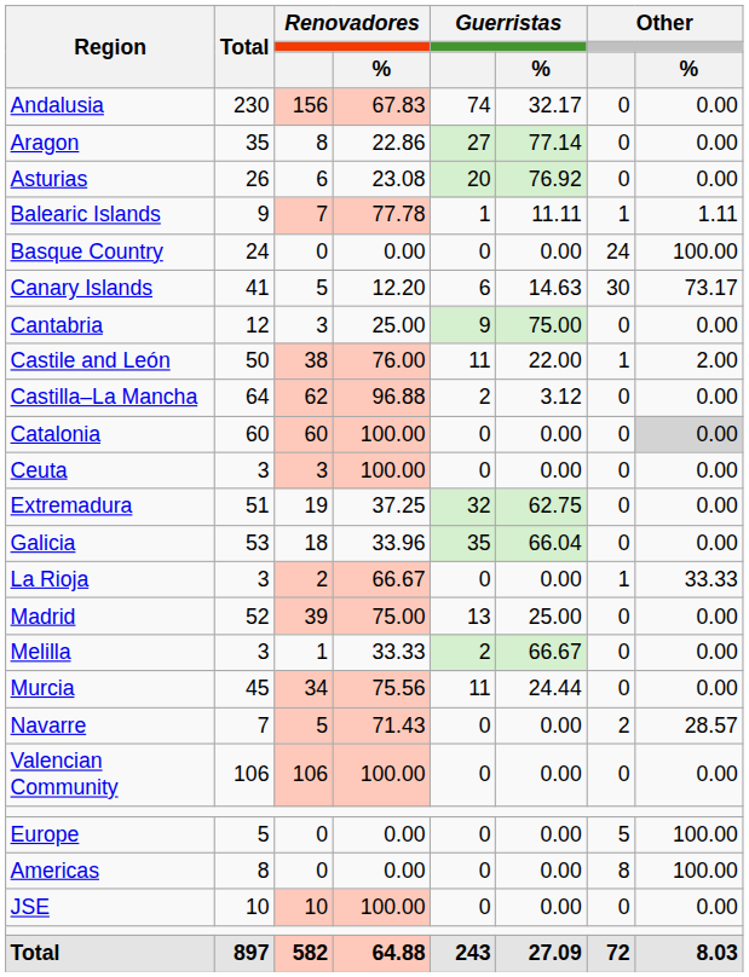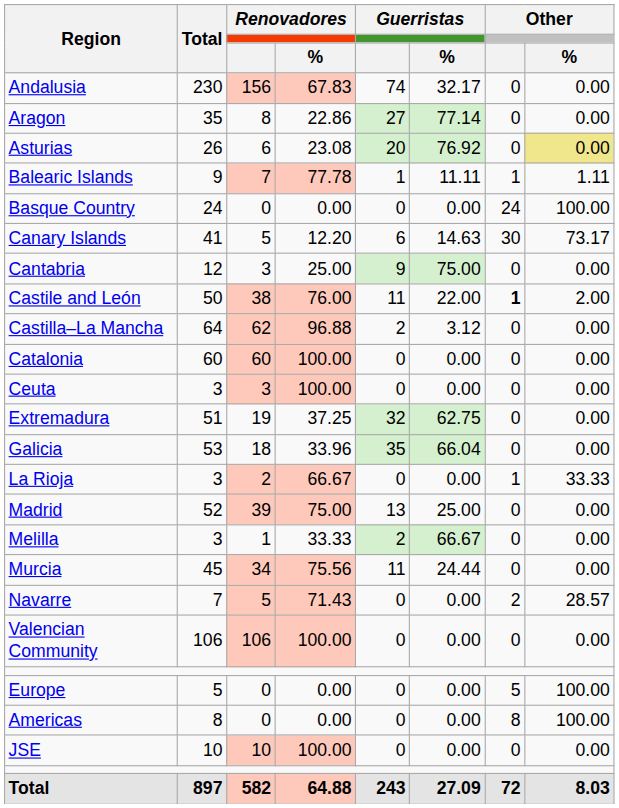 <table class="wikitable sortable" style="text-align:right; line-height:20px;">
 <tr>
 <th width="150" rowspan="3">Region</th>
 <th rowspan="3">Total</th>
 <th colspan="2" width="110" class="unsortable"><em>Renovadores</em></th>
 <th colspan="2" width="110" class="unsortable"><em>Guerristas</em></th>
 <th colspan="2" width="110" class="unsortable">Other</th>
 </tr>
 <tr>
 <th colspan="2" style="color:inherit;background:#F53903;"></th>
 <th colspan="2" style="color:inherit;background:#43962E;"></th>
 <th colspan="2" style="color:inherit;background:#C0C0C0;"></th>
 </tr>
 <tr>
 <th data-sort-type="number"></th>
 <th data-sort-type="number">%</th>
 <th data-sort-type="number"></th>
 <th data-sort-type="number">%</th>
 <th data-sort-type="number"></th>
 <th data-sort-type="number">%</th>
 </tr>
 <tr>
 <td align="left"><a href='#'>Andalusia</a></td>
 <td>230</td>
 <td style="color:inherit;background:#FEC9BA;">156</td>
 <td style="color:inherit;background:#FEC9BA;">67.83</td>
 <td>74</td>
 <td>32.17</td>
 <td>0</td>
 <td>0.00</td>
 </tr>
 <tr>
 <td align="left"><a href='#'>Aragon</a></td>
 <td>35</td>
 <td>8</td>
 <td>22.86</td>
 <td style="color:inherit;background:#D5F0CE;">27</td>
 <td style="color:inherit;background:#D5F0CE;">77.14</td>
 <td>0</td>
 <td>0.00</td>
 </tr>
 <tr>
 <td align="left"><a href='#'>Asturias</a></td>
 <td>26</td>
 <td>6</td>
 <td>23.08</td>
 <td style="color:inherit;background:#D5F0CE;">20</td>
 <td style="color:inherit;background:#D5F0CE;">76.92</td>
 <td>0</td>
-<td>0.00</td>
+<td style="background: khaki;">0.00</td>
 </tr>
 <tr>
 <td align="left"><a href='#'>Balearic Islands</a></td>
 <td>9</td>
 <td style="color:inherit;background:#FEC9BA;">7</td>
 <td style="color:inherit;background:#FEC9BA;">77.78</td>
 <td>1</td>
 <td>11.11</td>
 <td>1</td>
 <td>1.11</td>
 </tr>
 <tr>
 <td align="left"><a href='#'>Basque Country</a></td>
 <td>24</td>
 <td>0</td>
 <td>0.00</td>
 <td>0</td>
 <td>0.00</td>
 <td>24</td>
 <td>100.00</td>
 </tr>
 <tr>
 <td align="left"><a href='#'>Canary Islands</a></td>
 <td>41</td>
 <td>5</td>
 <td>12.20</td>
 <td>6</td>
 <td>14.63</td>
 <td>30</td>
 <td>73.17</td>
 </tr>
 <tr>
 <td align="left"><a href='#'>Cantabria</a></td>
 <td>12</td>
 <td>3</td>
 <td>25.00</td>
 <td style="color:inherit;background:#D5F0CE;">9</td>
 <td style="color:inherit;background:#D5F0CE;">75.00</td>
 <td>0</td>
 <td>0.00</td>
 </tr>
 <tr>
 <td align="left"><a href='#'>Castile and León</a></td>
 <td>50</td>
 <td style="color:inherit;background:#FEC9BA;">38</td>
 <td style="color:inherit;background:#FEC9BA;">76.00</td>
 <td>11</td>
 <td>22.00</td>
-<td>1</td>
+<td><strong>1</strong></td>
 <td>2.00</td>
 </tr>
 <tr>
 <td align="left"><a href='#'>Castilla–La Mancha</a></td>
 <td>64</td>
 <td style="color:inherit;background:#FEC9BA;">62</td>
 <td style="color:inherit;background:#FEC9BA;">96.88</td>
 <td>2</td>
 <td>3.12</td>
 <td>0</td>
 <td>0.00</td>
 </tr>
 <tr>
 <td align="left"><a href='#'>Catalonia</a></td>
 <td>60</td>
 <td style="color:inherit;background:#FEC9BA;">60</td>
 <td style="color:inherit;background:#FEC9BA;">100.00</td>
 <td>0</td>
 <td>0.00</td>
 <td>0</td>
-<td style="background: lightgrey;">0.00</td>
+<td>0.00</td>
 </tr>
 <tr>
 <td align="left"><a href='#'>Ceuta</a></td>
 <td>3</td>
 <td style="color:inherit;background:#FEC9BA;">3</td>
 <td style="color:inherit;background:#FEC9BA;">100.00</td>
 <td>0</td>
 <td>0.00</td>
 <td>0</td>
 <td>0.00</td>
 </tr>
 <tr>
 <td align="left"><a href='#'>Extremadura</a></td>
 <td>51</td>
 <td>19</td>
 <td>37.25</td>
 <td style="color:inherit;background:#D5F0CE;">32</td>
 <td style="color:inherit;background:#D5F0CE;">62.75</td>
 <td>0</td>
 <td>0.00</td>
 </tr>
 <tr>
 <td align="left"><a href='#'>Galicia</a></td>
 <td>53</td>
 <td>18</td>
 <td>33.96</td>
 <td style="color:inherit;background:#D5F0CE;">35</td>
 <td style="color:inherit;background:#D5F0CE;">66.04</td>
 <td>0</td>
 <td>0.00</td>
 </tr>
 <tr>
 <td align="left"><a href='#'>La Rioja</a></td>
 <td>3</td>
 <td style="color:inherit;background:#FEC9BA;">2</td>
 <td style="color:inherit;background:#FEC9BA;">66.67</td>
 <td>0</td>
 <td>0.00</td>
 <td>1</td>
 <td>33.33</td>
 </tr>
 <tr>
 <td align="left"><a href='#'>Madrid</a></td>
 <td>52</td>
 <td style="color:inherit;background:#FEC9BA;">39</td>
 <td style="color:inherit;background:#FEC9BA;">75.00</td>
 <td>13</td>
 <td>25.00</td>
 <td>0</td>
 <td>0.00</td>
 </tr>
 <tr>
 <td align="left"><a href='#'>Melilla</a></td>
 <td>3</td>
 <td>1</td>
 <td>33.33</td>
 <td style="color:inherit;background:#D5F0CE;">2</td>
 <td style="color:inherit;background:#D5F0CE;">66.67</td>
 <td>0</td>
 <td>0.00</td>
 </tr>
 <tr>
 <td align="left"><a href='#'>Murcia</a></td>
 <td>45</td>
 <td style="color:inherit;background:#FEC9BA;">34</td>
 <td style="color:inherit;background:#FEC9BA;">75.56</td>
 <td>11</td>
 <td>24.44</td>
 <td>0</td>
 <td>0.00</td>
 </tr>
 <tr>
 <td align="left"><a href='#'>Navarre</a></td>
 <td>7</td>
 <td style="color:inherit;background:#FEC9BA;">5</td>
 <td style="color:inherit;background:#FEC9BA;">71.43</td>
 <td>0</td>
 <td>0.00</td>
 <td>2</td>
 <td>28.57</td>
 </tr>
 <tr>
 <td align="left"><a href='#'>Valencian Community</a></td>
 <td>106</td>
 <td style="color:inherit;background:#FEC9BA;">106</td>
 <td style="color:inherit;background:#FEC9BA;">100.00</td>
 <td>0</td>
 <td>0.00</td>
 <td>0</td>
 <td>0.00</td>
 </tr>
 <tr>
 <td colspan="9"></td>
 </tr>
 <tr>
 <td align="left"><a href='#'>Europe</a></td>
 <td>5</td>
 <td>0</td>
 <td>0.00</td>
 <td>0</td>
 <td>0.00</td>
 <td>5</td>
 <td>100.00</td>
 </tr>
 <tr>
 <td align="left"><a href='#'>Americas</a></td>
 <td>8</td>
 <td>0</td>
 <td>0.00</td>
 <td>0</td>
 <td>0.00</td>
 <td>8</td>
 <td>100.00</td>
 </tr>
 <tr>
 <td align="left"><a href='#'>JSE</a></td>
 <td>10</td>
 <td style="color:inherit;background:#FEC9BA;">10</td>
 <td style="color:inherit;background:#FEC9BA;">100.00</td>
 <td>0</td>
 <td>0.00</td>
 <td>0</td>
 <td>0.00</td>
 </tr>
 <tr>
 <td colspan="8"></td>
 </tr>
 <tr style="font-weight:bold; background:#E4E4E4;">
 <td align="left">Total</td>
 <td>897</td>
 <td style="color:inherit;background:#FEC9BA;">582</td>
 <td style="color:inherit;background:#FEC9BA;">64.88</td>
 <td>243</td>
 <td>27.09</td>
 <td>72</td>
 <td>8.03</td>
 </tr>
 </table>
